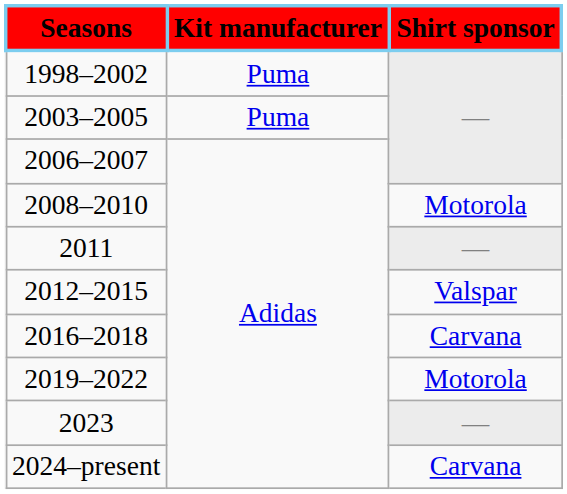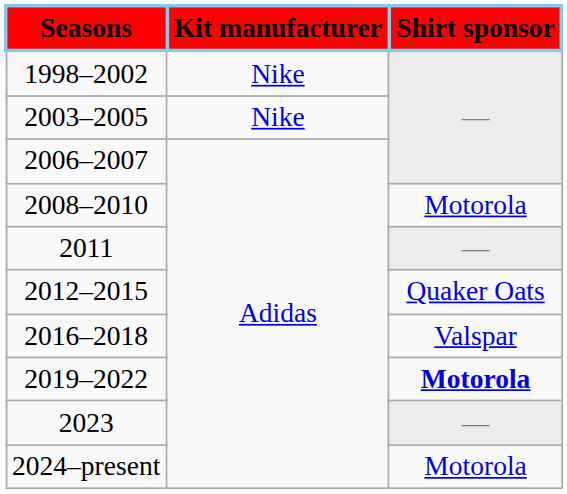 <table class="wikitable" style="text-align: center">
 <tr>
 <th style="background:#FF0000; color:#000; border:2px solid #7CCDEF;" scope=col>Seasons</th>
 <th style="background:#FF0000; color:#000; border:2px solid #7CCDEF;" scope=col>Kit manufacturer</th>
 <th style="background:#FF0000; color:#000; border:2px solid #7CCDEF;" scope=col>Shirt sponsor</th>
 </tr>
 <tr>
 <td>1998–2002</td>
-<td><a href='#'>Puma</a></td>
+<td><a href='#'>Nike</a></td>
 <td rowspan="3" style="background:#ececec; color:gray">—</td>
 </tr>
 <tr>
 <td>2003–2005</td>
-<td><a href='#'>Puma</a></td>
+<td><a href='#'>Nike</a></td>
 </tr>
 <tr>
 <td>2006–2007</td>
 <td rowspan="8"><a href='#'>Adidas</a></td>
 </tr>
 <tr>
 <td>2008–2010</td>
 <td><a href='#'>Motorola</a></td>
 </tr>
 <tr>
 <td>2011</td>
 <td style="background:#ececec; color:gray">—</td>
 </tr>
 <tr>
 <td>2012–2015</td>
+<td><a href='#'>Quaker Oats</a></td>
+</tr>
+<tr>
+<td>2016–2018</td>
 <td><a href='#'>Valspar</a></td>
 </tr>
 <tr>
-<td>2016–2018</td>
-<td><a href='#'>Carvana</a></td>
-</tr>
-<tr>
 <td>2019–2022</td>
-<td><a href='#'>Motorola</a></td>
+<td><strong><a href='#'>Motorola</a></strong></td>
 </tr>
 <tr>
 <td>2023</td>
 <td style="background:#ececec; color:gray">—</td>
 </tr>
 <tr>
 <td>2024–present</td>
-<td><a href='#'>Carvana</a></td>
+<td><a href='#'>Motorola</a></td>
 </tr>
 </table>
